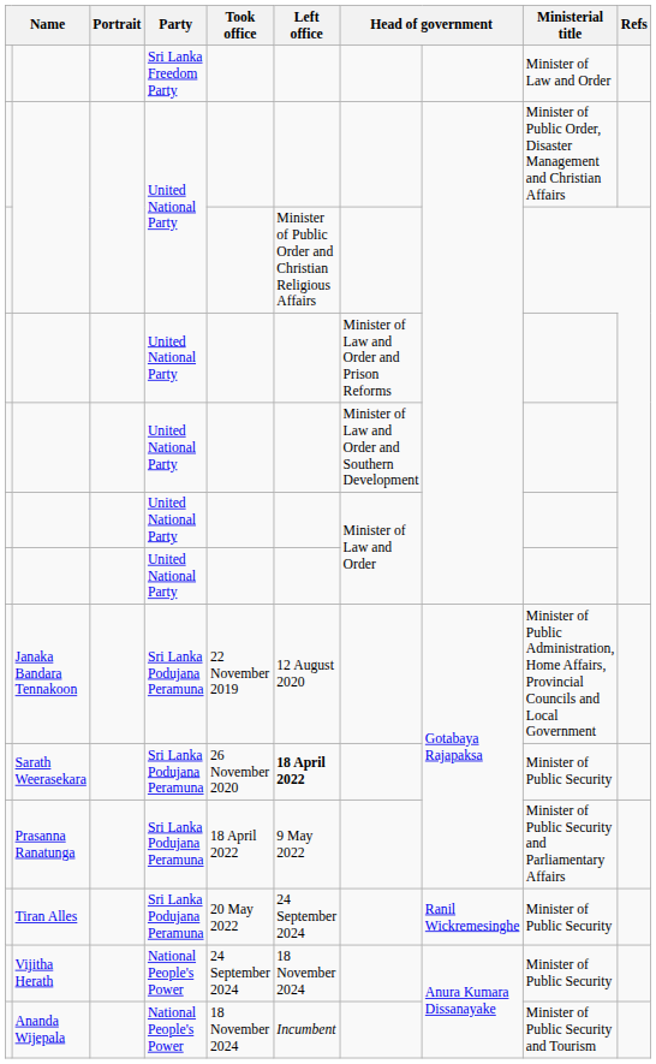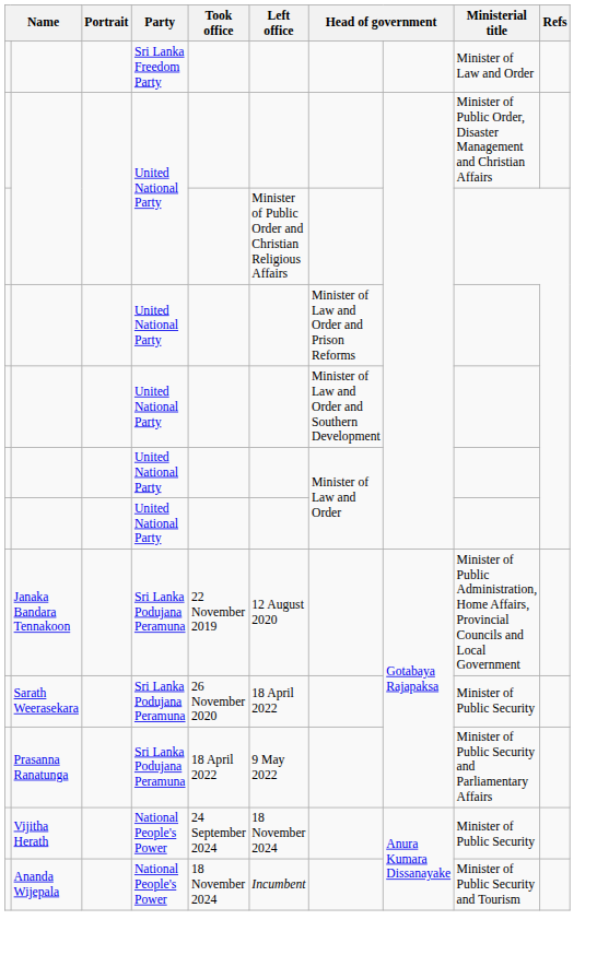 <table class="wikitable plainrowheaders sortable" style="font-size:90%; text-align:left;">
 <tr>
 <th scope=col colspan="2">Name</th>
 <th scope=col class=unsortable>Portrait</th>
 <th scope=col>Party</th>
 <th scope=col>Took office</th>
 <th scope=col>Left office</th>
 <th scope=col colspan="2">Head of government</th>
 <th scope=col>Ministerial title</th>
 <th scope=col class=unsortable>Refs</th>
 </tr>
 <tr>
 <td !align="center" style="background:"></td>
 <td></td>
 <td align=center></td>
 <td><a href='#'>Sri Lanka Freedom Party</a></td>
 <td align=center></td>
 <td align=center></td>
 <td !align="center" style="background:"></td>
 <td></td>
 <td>Minister of Law and Order</td>
 <td align=center></td>
 </tr>
 <tr>
 <td !align="center" style="background:"></td>
 <td rowspan=2></td>
 <td rowspan=2></td>
 <td rowspan=2><a href='#'>United National Party</a></td>
 <td align=center></td>
 <td align=center></td>
 <td !align="center" style="background:"></td>
 <td rowspan=6></td>
 <td>Minister of Public Order, Disaster Management and Christian Affairs</td>
 <td align=center></td>
 </tr>
 <tr>
 <td align=center></td>
 <td align=center></td>
 <td>Minister of Public Order and Christian Religious Affairs</td>
 <td align=center></td>
 </tr>
 <tr>
 <td !align="center" style="background:"></td>
 <td></td>
 <td></td>
 <td><a href='#'>United National Party</a></td>
 <td align=center></td>
 <td align=center></td>
 <td>Minister of Law and Order and Prison Reforms</td>
 <td align=center></td>
 </tr>
 <tr>
 <td !align="center" style="background:"></td>
 <td></td>
 <td></td>
 <td><a href='#'>United National Party</a></td>
 <td align=center></td>
 <td align=center></td>
 <td>Minister of Law and Order and Southern Development</td>
 <td align=center></td>
 </tr>
 <tr>
 <td !align="center" style="background:"></td>
 <td></td>
 <td align=center></td>
 <td><a href='#'>United National Party</a></td>
 <td align=center></td>
 <td align=center></td>
 <td rowspan=2>Minister of Law and Order</td>
 <td align=center></td>
 </tr>
 <tr>
 <td !align="center" style="background:"></td>
 <td></td>
 <td align=center></td>
 <td><a href='#'>United National Party</a></td>
 <td align=center></td>
 <td align=center></td>
 <td align=center></td>
 </tr>
 <tr>
 <td !align="center" style="background:"></td>
 <td><a href='#'>Janaka Bandara Tennakoon</a></td>
 <td></td>
 <td><a href='#'>Sri Lanka Podujana Peramuna</a></td>
 <td>22 November 2019</td>
 <td>12 August 2020</td>
 <td !align="center" style="background:"></td>
 <td rowspan="3"><a href='#'>Gotabaya Rajapaksa</a></td>
 <td>Minister of Public Administration, Home Affairs, Provincial Councils and Local Government</td>
 <td></td>
 </tr>
 <tr>
 <td !align="center" style="background:"></td>
 <td><a href='#'>Sarath Weerasekara</a></td>
 <td></td>
 <td><a href='#'>Sri Lanka Podujana Peramuna</a></td>
 <td>26 November 2020</td>
-<td><strong>18 April 2022</strong></td>
+<td>18 April 2022</td>
 <td !align="center" style="background:"></td>
 <td>Minister of Public Security</td>
 <td></td>
 </tr>
 <tr>
 <td !align="center" style="background:"></td>
 <td><a href='#'>Prasanna Ranatunga</a></td>
 <td></td>
 <td><a href='#'>Sri Lanka Podujana Peramuna</a></td>
 <td>18 April 2022</td>
 <td>9 May 2022</td>
 <td !align="center" style="background:"></td>
 <td>Minister of Public Security and Parliamentary Affairs</td>
-<td></td>
-</tr>
-<tr>
-<td !align="center" style="background:"></td>
-<td><a href='#'>Tiran Alles</a></td>
-<td></td>
-<td><a href='#'>Sri Lanka Podujana Peramuna</a></td>
-<td>20 May 2022</td>
-<td>24 September 2024</td>
-<td !align="center" style="background:"></td>
-<td><a href='#'>Ranil Wickremesinghe</a></td>
-<td>Minister of Public Security</td>
 <td></td>
 </tr>
 <tr>
 <td !align="center" style="background:"></td>
 <td><a href='#'>Vijitha Herath</a></td>
 <td></td>
 <td><a href='#'>National People's Power</a></td>
 <td>24 September 2024</td>
 <td>18 November 2024</td>
 <td !align="center" style="background:"></td>
 <td rowspan="2"><a href='#'>Anura Kumara Dissanayake</a></td>
 <td>Minister of Public Security</td>
 <td></td>
 </tr>
 <tr>
 <td !align="center" style="background:"></td>
 <td><a href='#'>Ananda Wijepala</a></td>
 <td></td>
 <td><a href='#'>National People's Power</a></td>
 <td>18 November 2024</td>
 <td><em>Incumbent</em></td>
 <td !align="center" style="background:"></td>
 <td>Minister of Public Security and Tourism</td>
 <td></td>
 </tr>
 </table>
